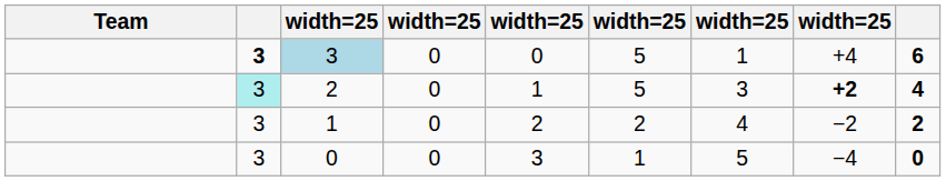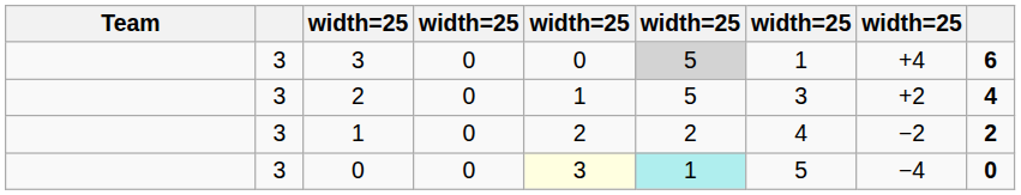 <table class="wikitable" style="text-align: center;">
 <tr>
 <th style="width:165px;">Team</th>
 <th width=25></th>
 <th>width=25</th>
 <th>width=25</th>
 <th>width=25</th>
 <th>width=25</th>
 <th>width=25</th>
 <th>width=25</th>
 <th width=25></th>
 </tr>
 <tr>
 <td style="text-align:left"></td>
-<td><strong>3</strong></td>
-<td style="background: lightblue;">3</td>
+<td>3</td>
+<td>3</td>
 <td>0</td>
 <td>0</td>
-<td>5</td>
+<td style="background: lightgrey;">5</td>
 <td>1</td>
 <td>+4</td>
 <td><strong>6</strong></td>
 </tr>
 <tr>
 <td style="text-align:left"></td>
-<td style="background: paleturquoise;">3</td>
+<td>3</td>
 <td>2</td>
 <td>0</td>
 <td>1</td>
 <td>5</td>
 <td>3</td>
-<td><strong>+2</strong></td>
+<td>+2</td>
 <td><strong>4</strong></td>
 </tr>
 <tr>
 <td style="text-align:left"></td>
 <td>3</td>
 <td>1</td>
 <td>0</td>
 <td>2</td>
 <td>2</td>
 <td>4</td>
 <td>−2</td>
 <td><strong>2</strong></td>
 </tr>
 <tr>
 <td style="text-align:left"></td>
 <td>3</td>
 <td>0</td>
 <td>0</td>
-<td>3</td>
-<td>1</td>
+<td style="background: lightyellow;">3</td>
+<td style="background: paleturquoise;">1</td>
 <td>5</td>
 <td>−4</td>
 <td><strong>0</strong></td>
 </tr>
 </table>
